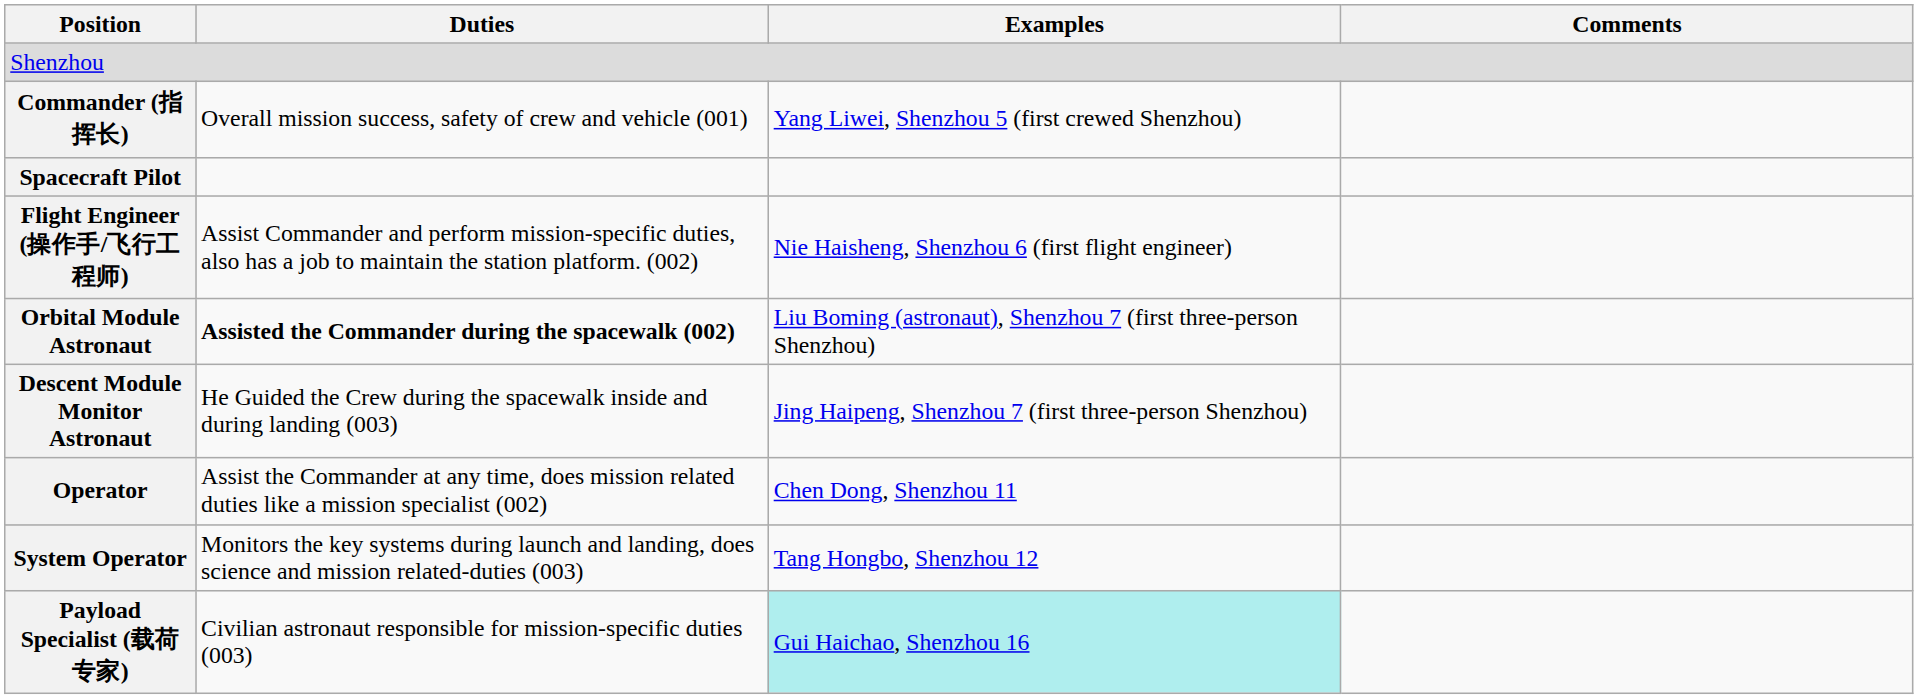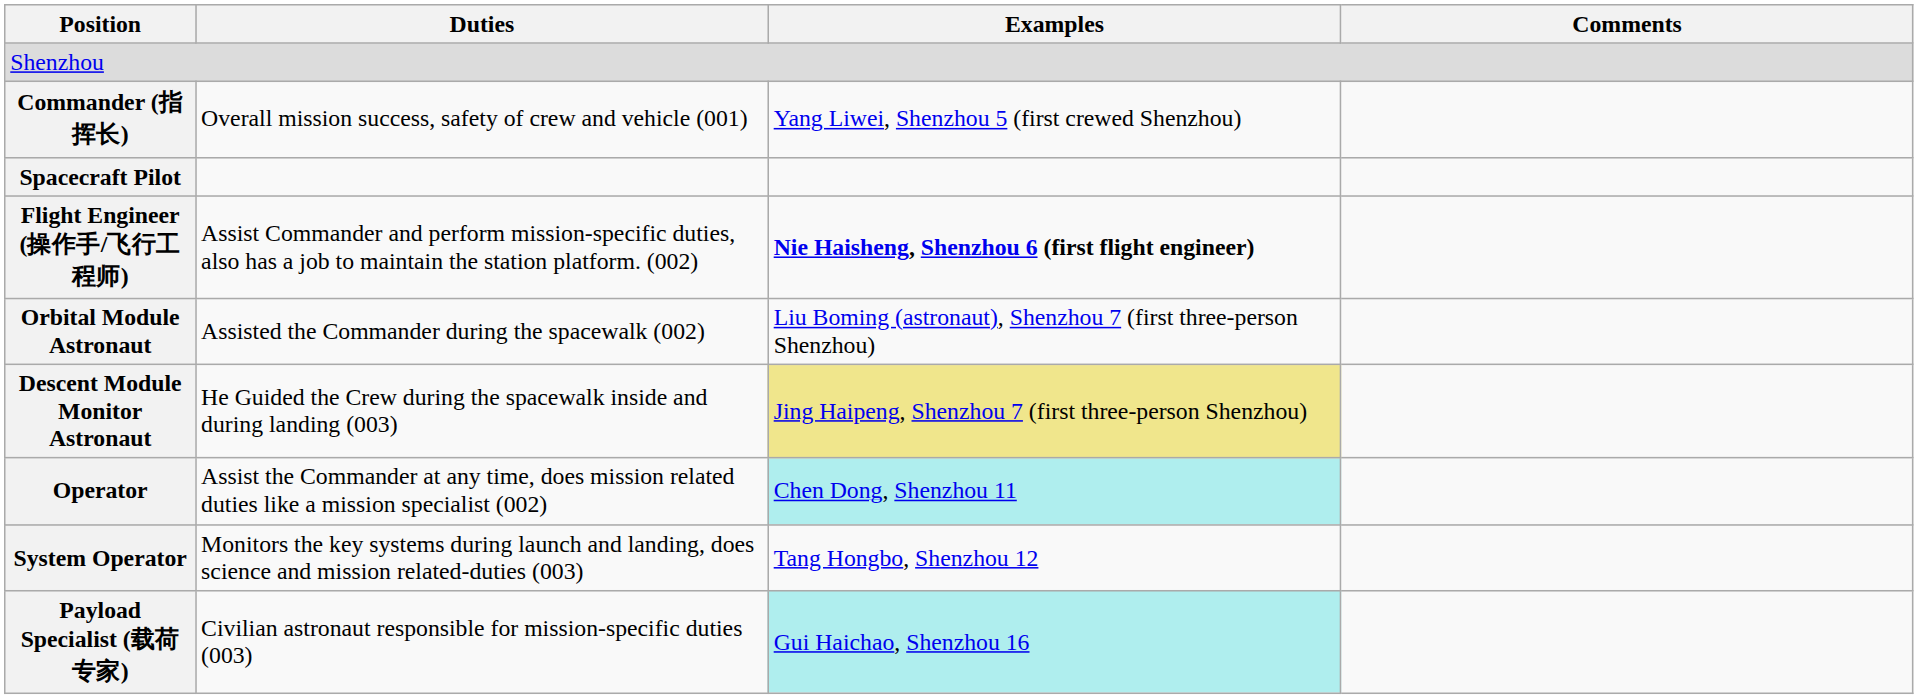 <table class="wikitable" style="font-size:97%;">
 <tr>
 <th style="width:10%;">Position</th>
 <th style="width:30%;">Duties</th>
 <th style="width:30%;">Examples</th>
 <th style="width:30%;">Comments</th>
 </tr>
 <tr>
 <td colspan="4" style="background:Gainsboro;"><a href='#'>Shenzhou</a></td>
 </tr>
 <tr>
 <th>Commander (指挥长)</th>
 <td>Overall mission success, safety of crew and vehicle (001)</td>
 <td><a href='#'>Yang Liwei</a>, <a href='#'>Shenzhou 5</a> (first crewed Shenzhou)</td>
 <td></td>
 </tr>
 <tr>
 <th>Spacecraft Pilot</th>
 <td></td>
 <td></td>
 <td></td>
 </tr>
 <tr>
 <th>Flight Engineer (操作手/飞行工程师)</th>
 <td>Assist Commander and perform mission-specific duties, also has a job to maintain the station platform. (002)</td>
-<td><a href='#'>Nie Haisheng</a>, <a href='#'>Shenzhou 6</a> (first  flight engineer)</td>
+<td><strong><a href='#'>Nie Haisheng</a>, <a href='#'>Shenzhou 6</a> (first  flight engineer)</strong></td>
 <td></td>
 </tr>
 <tr>
 <th>Orbital Module Astronaut</th>
-<td><strong>Assisted the Commander during the spacewalk (002)</strong></td>
+<td>Assisted the Commander during the spacewalk (002)</td>
 <td><a href='#'>Liu Boming (astronaut)</a>, <a href='#'>Shenzhou 7</a> (first three-person Shenzhou)</td>
 <td></td>
 </tr>
 <tr>
 <th>Descent Module Monitor Astronaut</th>
 <td>He Guided the Crew during the spacewalk inside and during landing (003)</td>
-<td><a href='#'>Jing Haipeng</a>, <a href='#'>Shenzhou 7</a> (first three-person Shenzhou)</td>
+<td style="background: khaki;"><a href='#'>Jing Haipeng</a>, <a href='#'>Shenzhou 7</a> (first three-person Shenzhou)</td>
 <td></td>
 </tr>
 <tr>
 <th>Operator</th>
 <td>Assist the Commander at any time, does mission related duties like a mission specialist (002)</td>
-<td><a href='#'>Chen Dong</a>, <a href='#'>Shenzhou 11</a></td>
+<td style="background: paleturquoise;"><a href='#'>Chen Dong</a>, <a href='#'>Shenzhou 11</a></td>
 <td></td>
 </tr>
 <tr>
 <th>System Operator</th>
 <td>Monitors the key systems during launch and landing, does science and mission related-duties (003)</td>
 <td><a href='#'>Tang Hongbo</a>, <a href='#'>Shenzhou 12</a></td>
 <td></td>
 </tr>
 <tr>
 <th>Payload Specialist (载荷专家)</th>
 <td>Civilian astronaut responsible for mission-specific duties (003)</td>
 <td style="background: paleturquoise;"><a href='#'>Gui Haichao</a>, <a href='#'>Shenzhou 16</a></td>
 <td></td>
 </tr>
 </table>
